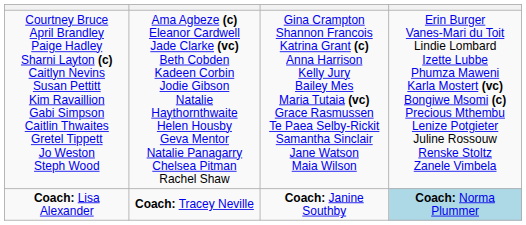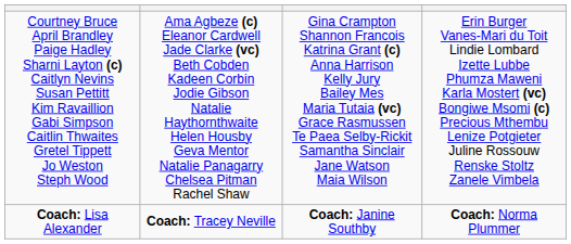 <table class=wikitable width=100% style="text-align:center; font-size:90%">
 <tr>
 <th></th>
 <th></th>
 <th></th>
 <th></th>
 </tr>
 <tr valign=top>
 <td><a href='#'>Courtney Bruce</a><br><a href='#'>April Brandley</a><br><a href='#'>Paige Hadley</a><br><a href='#'>Sharni Layton</a> <strong>(c)</strong><br><a href='#'>Caitlyn Nevins</a><br><a href='#'>Susan Pettitt</a><br><a href='#'>Kim Ravaillion</a><br><a href='#'>Gabi Simpson</a><br><a href='#'>Caitlin Thwaites</a><br><a href='#'>Gretel Tippett</a><br><a href='#'>Jo Weston</a><br><a href='#'>Steph Wood</a></td>
 <td><a href='#'>Ama Agbeze</a> <strong>(c)</strong><br><a href='#'>Eleanor Cardwell</a><br><a href='#'>Jade Clarke</a> <strong>(vc)</strong><br><a href='#'>Beth Cobden</a><br><a href='#'>Kadeen Corbin</a><br><a href='#'>Jodie Gibson</a><br><a href='#'>Natalie Haythornthwaite</a><br><a href='#'>Helen Housby</a><br><a href='#'>Geva Mentor</a><br><a href='#'>Natalie Panagarry</a><br><a href='#'>Chelsea Pitman</a><br>Rachel Shaw</td>
 <td><a href='#'>Gina Crampton</a><br><a href='#'>Shannon Francois</a><br><a href='#'>Katrina Grant</a> <strong>(c)</strong><br><a href='#'>Anna Harrison</a><br><a href='#'>Kelly Jury</a><br><a href='#'>Bailey Mes</a><br><a href='#'>Maria Tutaia</a> <strong>(vc)</strong><br><a href='#'>Grace Rasmussen</a><br><a href='#'>Te Paea Selby-Rickit</a><br><a href='#'>Samantha Sinclair</a><br><a href='#'>Jane Watson</a><br><a href='#'>Maia Wilson</a></td>
 <td><a href='#'>Erin Burger</a><br><a href='#'>Vanes-Mari du Toit</a><br>Lindie Lombard<br><a href='#'>Izette Lubbe</a><br><a href='#'>Phumza Maweni</a><br><a href='#'>Karla Mostert</a> <strong>(vc)</strong><br><a href='#'>Bongiwe Msomi</a> <strong>(c)</strong><br><a href='#'>Precious Mthembu</a><br><a href='#'>Lenize Potgieter</a><br>Juline Rossouw<br><a href='#'>Renske Stoltz</a><br><a href='#'>Zanele Vimbela</a></td>
 </tr>
 <tr>
 <td> <strong>Coach:</strong> <a href='#'>Lisa Alexander</a></td>
 <td> <strong>Coach:</strong> <a href='#'>Tracey Neville</a></td>
 <td> <strong>Coach:</strong> <a href='#'>Janine Southby</a></td>
-<td style="background: lightblue;"> <strong>Coach:</strong> <a href='#'>Norma Plummer</a></td>
+<td> <strong>Coach:</strong> <a href='#'>Norma Plummer</a></td>
 </tr>
 </table>
